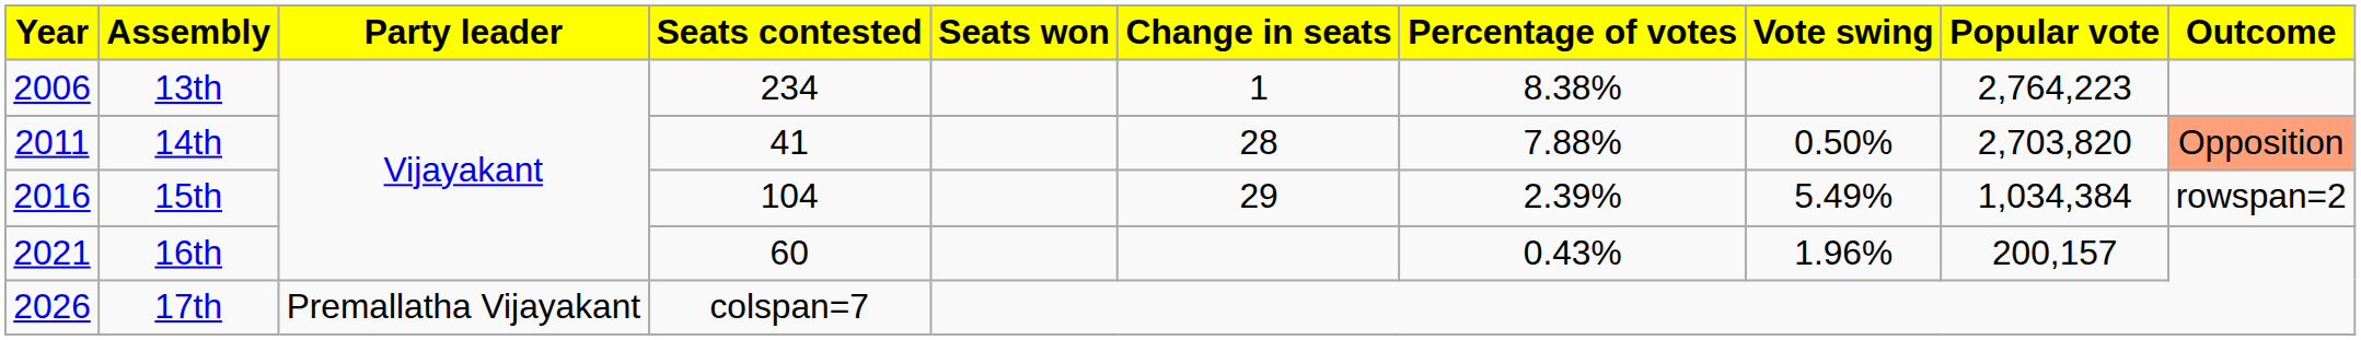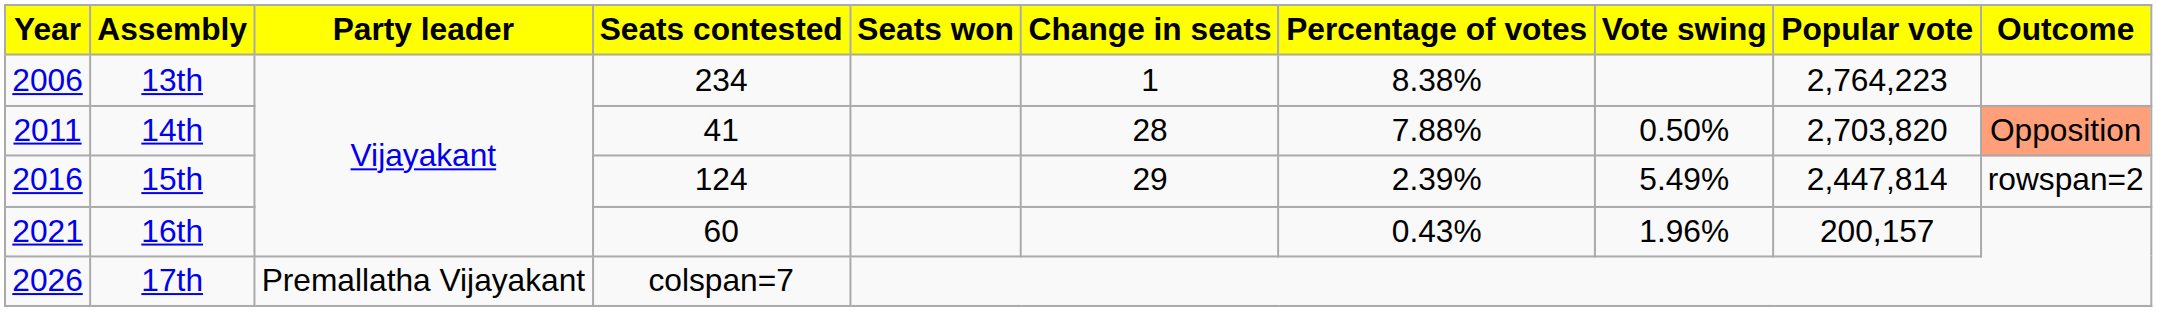 <table class="wikitable sortable" style="text-align:center;">
 <tr>
 <th style="background-color:#FFFF00;color:black">Year</th>
 <th style="background-color:#FFFF00;color:black">Assembly</th>
 <th style="background-color:#FFFF00;color:black">Party leader</th>
 <th style="background-color:#FFFF00;color:black">Seats contested</th>
 <th style="background-color:#FFFF00;color:black">Seats won</th>
 <th style="background-color:#FFFF00;color:black">Change in seats</th>
 <th style="background-color:#FFFF00;color:black">Percentage of votes</th>
 <th style="background-color:#FFFF00;color:black">Vote swing</th>
 <th style="background-color:#FFFF00;color:black">Popular vote</th>
 <th style="background-color:#FFFF00;color:black">Outcome</th>
 </tr>
 <tr>
 <td><a href='#'>2006</a></td>
 <td><a href='#'>13th</a></td>
 <td rowspan=4><a href='#'>Vijayakant</a></td>
 <td>234</td>
 <td></td>
 <td> 1</td>
 <td>8.38%</td>
 <td></td>
 <td>2,764,223</td>
 <td></td>
 </tr>
 <tr>
 <td><a href='#'>2011</a></td>
 <td><a href='#'>14th</a></td>
 <td>41</td>
 <td></td>
 <td> 28</td>
 <td>7.88%</td>
 <td> 0.50%</td>
 <td>2,703,820</td>
 <td style="background:#FFA07A;">Opposition</td>
 </tr>
 <tr>
 <td><a href='#'>2016</a></td>
 <td><a href='#'>15th</a></td>
-<td>104</td>
+<td>124</td>
 <td></td>
 <td> 29</td>
 <td>2.39%</td>
 <td> 5.49%</td>
-<td>1,034,384</td>
+<td>2,447,814</td>
 <td>rowspan=2 </td>
 </tr>
 <tr>
 <td><a href='#'>2021</a></td>
 <td><a href='#'>16th</a></td>
 <td>60</td>
 <td></td>
 <td></td>
 <td>0.43%</td>
 <td> 1.96%</td>
 <td>200,157</td>
 </tr>
 <tr>
 <td><a href='#'>2026</a></td>
 <td><a href='#'>17th</a></td>
 <td>Premallatha Vijayakant</td>
 <td>colspan=7 </td>
 </tr>
 </table>
